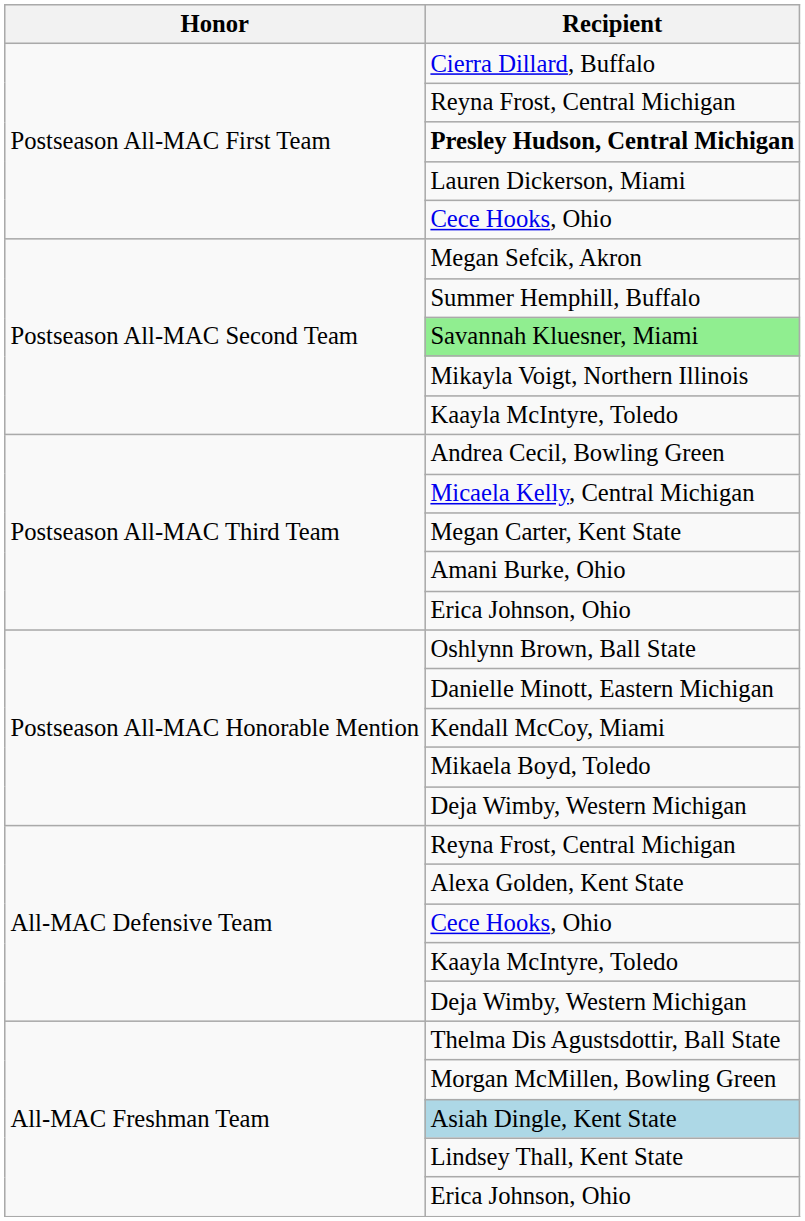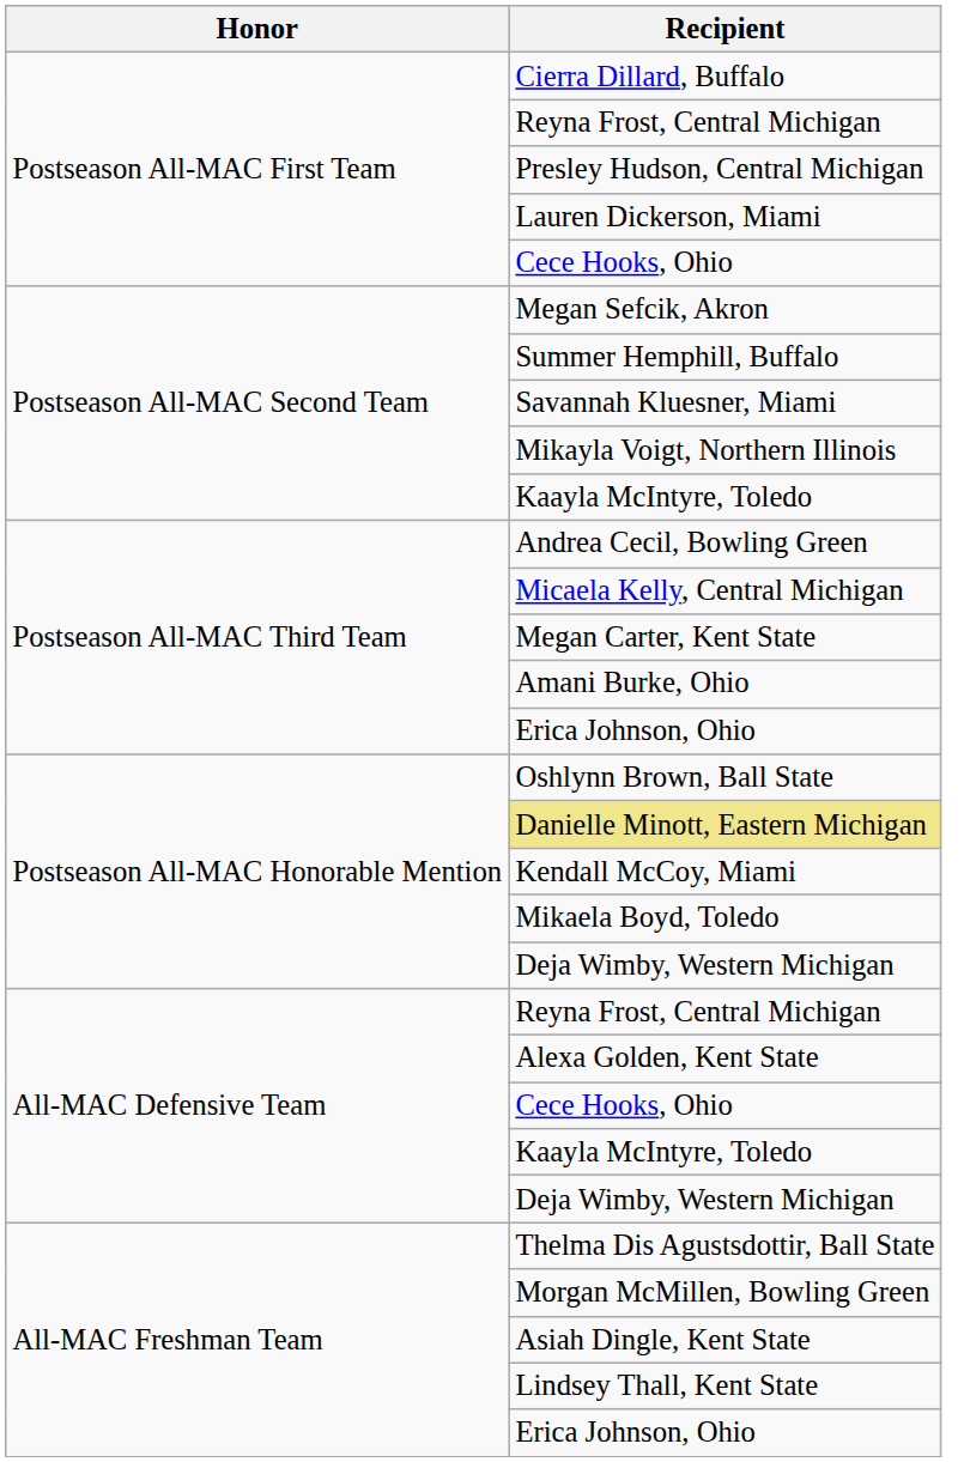 <table class="wikitable" border="1">
 <tr>
 <th>Honor</th>
 <th>Recipient</th>
 </tr>
 <tr>
 <td rowspan=5 valign=middle>Postseason All-MAC First Team</td>
 <td><a href='#'>Cierra Dillard</a>, Buffalo</td>
 </tr>
 <tr>
 <td>Reyna Frost, Central Michigan</td>
 </tr>
 <tr>
-<td><strong>Presley Hudson, Central Michigan</strong></td>
+<td>Presley Hudson, Central Michigan</td>
 </tr>
 <tr>
 <td>Lauren Dickerson, Miami</td>
 </tr>
 <tr>
 <td><a href='#'>Cece Hooks</a>, Ohio</td>
 </tr>
 <tr>
 <td rowspan=5 valign=middle>Postseason All-MAC Second Team</td>
 <td>Megan Sefcik, Akron</td>
 </tr>
 <tr>
 <td>Summer Hemphill, Buffalo</td>
 </tr>
 <tr>
-<td style="background: lightgreen;">Savannah Kluesner, Miami</td>
+<td>Savannah Kluesner, Miami</td>
 </tr>
 <tr>
 <td>Mikayla Voigt, Northern Illinois</td>
 </tr>
 <tr>
 <td>Kaayla McIntyre, Toledo</td>
 </tr>
 <tr>
 <td rowspan=5 valign=middle>Postseason All-MAC Third Team</td>
 <td>Andrea Cecil, Bowling Green</td>
 </tr>
 <tr>
 <td><a href='#'>Micaela Kelly</a>, Central Michigan</td>
 </tr>
 <tr>
 <td>Megan Carter, Kent State</td>
 </tr>
 <tr>
 <td>Amani Burke, Ohio</td>
 </tr>
 <tr>
 <td>Erica Johnson, Ohio</td>
 </tr>
 <tr>
 <td rowspan=5 valign=middle>Postseason All-MAC Honorable Mention</td>
 <td>Oshlynn Brown, Ball State</td>
 </tr>
 <tr>
-<td>Danielle Minott, Eastern Michigan</td>
+<td style="background: khaki;">Danielle Minott, Eastern Michigan</td>
 </tr>
 <tr>
 <td>Kendall McCoy, Miami</td>
 </tr>
 <tr>
 <td>Mikaela Boyd, Toledo</td>
 </tr>
 <tr>
 <td>Deja Wimby, Western Michigan</td>
 </tr>
 <tr>
 <td rowspan=5 valign=middle>All-MAC Defensive Team</td>
 <td>Reyna Frost, Central Michigan</td>
 </tr>
 <tr>
 <td>Alexa Golden, Kent State</td>
 </tr>
 <tr>
 <td><a href='#'>Cece Hooks</a>, Ohio</td>
 </tr>
 <tr>
 <td>Kaayla McIntyre, Toledo</td>
 </tr>
 <tr>
 <td>Deja Wimby, Western Michigan</td>
 </tr>
 <tr>
 <td rowspan=5 valign=middle>All-MAC Freshman Team</td>
 <td>Thelma Dis Agustsdottir, Ball State</td>
 </tr>
 <tr>
 <td>Morgan McMillen, Bowling Green</td>
 </tr>
 <tr>
-<td style="background: lightblue;">Asiah Dingle, Kent State</td>
+<td>Asiah Dingle, Kent State</td>
 </tr>
 <tr>
 <td>Lindsey Thall, Kent State</td>
 </tr>
 <tr>
 <td>Erica Johnson, Ohio</td>
 </tr>
 <tr>
 </tr>
 </table>
